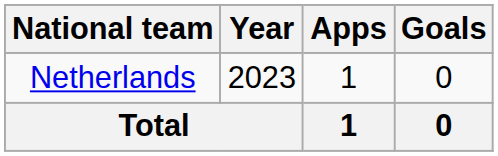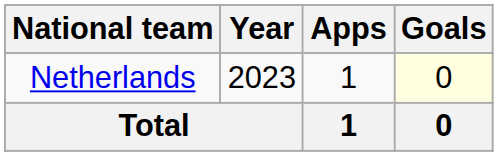 <table class="wikitable" style="text-align:center">
 <tr>
 <th>National team</th>
 <th>Year</th>
 <th>Apps</th>
 <th>Goals</th>
 </tr>
 <tr>
 <td><a href='#'>Netherlands</a></td>
 <td>2023</td>
 <td>1</td>
-<td>0</td>
+<td style="background: lightyellow;">0</td>
 </tr>
 <tr>
 <th colspan="2">Total</th>
 <th>1</th>
 <th>0</th>
 </tr>
 </table>
